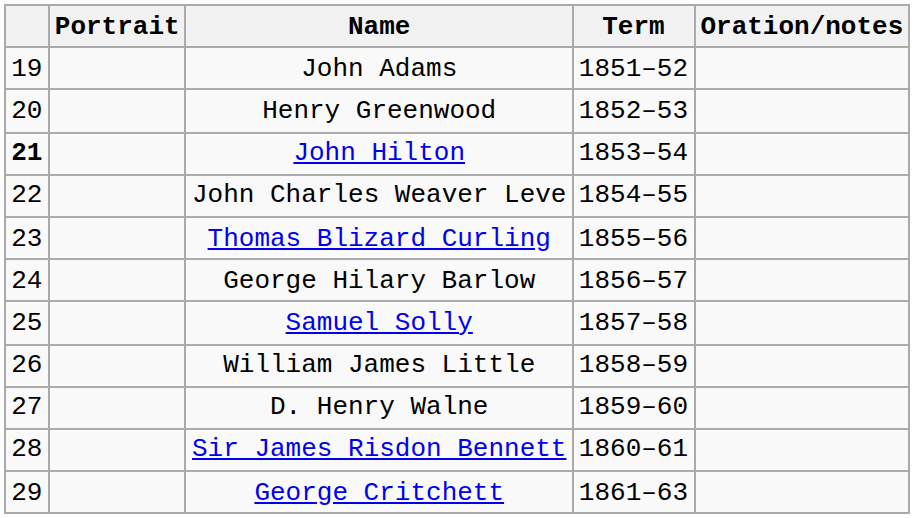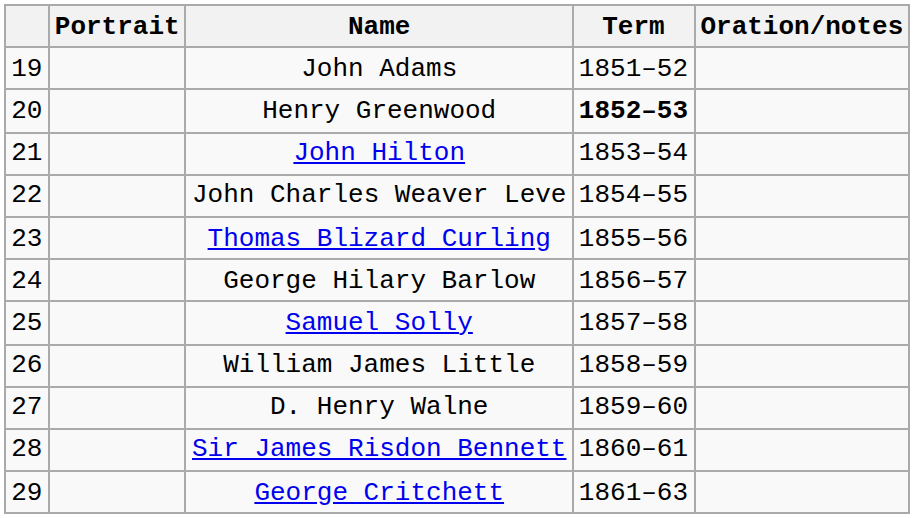 <table class="wikitable sortable sticky-header" style=text-align:center;>
 <tr>
 <th></th>
 <th>Portrait</th>
 <th>Name<br></th>
 <th>Term</th>
 <th>Oration/notes</th>
 </tr>
 <tr>
 <td>19</td>
 <td></td>
 <td>John Adams</td>
 <td>1851–52</td>
 <td></td>
 </tr>
 <tr>
 <td>20</td>
 <td></td>
 <td>Henry Greenwood</td>
-<td>1852–53</td>
+<td><strong>1852–53</strong></td>
 <td></td>
 </tr>
 <tr>
-<td><strong>21</strong></td>
+<td>21</td>
 <td></td>
 <td><a href='#'>John Hilton</a></td>
 <td>1853–54</td>
 <td></td>
 </tr>
 <tr>
 <td>22</td>
 <td></td>
 <td>John Charles Weaver Leve</td>
 <td>1854–55</td>
 <td></td>
 </tr>
 <tr>
 <td>23</td>
 <td></td>
 <td><a href='#'>Thomas Blizard Curling</a></td>
 <td>1855–56</td>
 <td></td>
 </tr>
 <tr>
 <td>24</td>
 <td></td>
 <td>George Hilary Barlow</td>
 <td>1856–57</td>
 <td></td>
 </tr>
 <tr>
 <td>25</td>
 <td></td>
 <td><a href='#'>Samuel Solly</a></td>
 <td>1857–58</td>
 <td></td>
 </tr>
 <tr>
 <td>26</td>
 <td></td>
 <td>William James Little</td>
 <td>1858–59</td>
 <td></td>
 </tr>
 <tr>
 <td>27</td>
 <td></td>
 <td>D. Henry Walne</td>
 <td>1859–60</td>
 <td></td>
 </tr>
 <tr>
 <td>28</td>
 <td></td>
 <td><a href='#'>Sir James Risdon Bennett</a></td>
 <td>1860–61</td>
 <td></td>
 </tr>
 <tr>
 <td>29</td>
 <td></td>
 <td><a href='#'>George Critchett</a></td>
 <td>1861–63</td>
 <td></td>
 </tr>
 <tr>
 </tr>
 </table>
